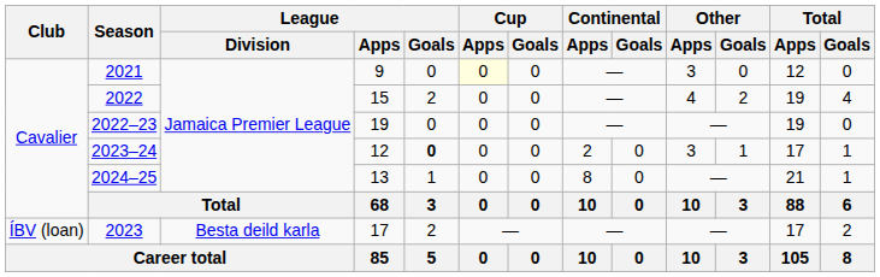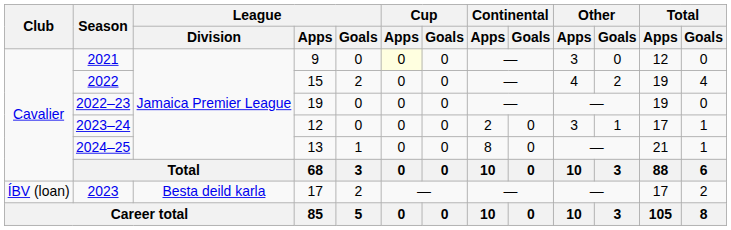 <table class="wikitable" style="text-align: center">
 <tr>
 <th rowspan="2">Club</th>
 <th rowspan="2">Season</th>
 <th colspan="3">League</th>
 <th colspan="2">Cup</th>
 <th colspan="2">Continental</th>
 <th colspan="2">Other</th>
 <th colspan="2">Total</th>
 </tr>
 <tr>
 <th>Division</th>
 <th>Apps</th>
 <th>Goals</th>
 <th>Apps</th>
 <th>Goals</th>
 <th>Apps</th>
 <th>Goals</th>
 <th>Apps</th>
 <th>Goals</th>
 <th>Apps</th>
 <th>Goals</th>
 </tr>
 <tr>
 <td rowspan="6"><a href='#'>Cavalier</a></td>
 <td><a href='#'>2021</a></td>
 <td rowspan="5"><a href='#'>Jamaica Premier League</a></td>
 <td>9</td>
 <td>0</td>
 <td style="background: lightyellow;">0</td>
 <td>0</td>
 <td colspan="2">—</td>
 <td>3</td>
 <td>0</td>
 <td>12</td>
 <td>0</td>
 </tr>
 <tr>
 <td><a href='#'>2022</a></td>
 <td>15</td>
 <td>2</td>
 <td>0</td>
 <td>0</td>
 <td colspan="2">—</td>
 <td>4</td>
 <td>2</td>
 <td>19</td>
 <td>4</td>
 </tr>
 <tr>
 <td><a href='#'>2022–23</a></td>
 <td>19</td>
 <td>0</td>
 <td>0</td>
 <td>0</td>
 <td colspan="2">—</td>
 <td colspan="2">—</td>
 <td>19</td>
 <td>0</td>
 </tr>
 <tr>
 <td><a href='#'>2023–24</a></td>
 <td>12</td>
-<td><strong>0</strong></td>
+<td>0</td>
 <td>0</td>
 <td>0</td>
 <td>2</td>
 <td>0</td>
 <td>3</td>
 <td>1</td>
 <td>17</td>
 <td>1</td>
 </tr>
 <tr>
 <td><a href='#'>2024–25</a></td>
 <td>13</td>
 <td>1</td>
 <td>0</td>
 <td>0</td>
 <td>8</td>
 <td>0</td>
 <td colspan="2">—</td>
 <td>21</td>
 <td>1</td>
 </tr>
 <tr>
 <th colspan="2">Total</th>
 <th>68</th>
 <th>3</th>
 <th>0</th>
 <th>0</th>
 <th>10</th>
 <th>0</th>
 <th>10</th>
 <th>3</th>
 <th>88</th>
 <th>6</th>
 </tr>
 <tr>
 <td><a href='#'>ÍBV</a> (loan)</td>
 <td><a href='#'>2023</a></td>
 <td><a href='#'>Besta deild karla</a></td>
 <td>17</td>
 <td>2</td>
 <td colspan="2">—</td>
 <td colspan="2">—</td>
 <td colspan="2">—</td>
 <td>17</td>
 <td>2</td>
 </tr>
 <tr>
 <th colspan="3">Career total</th>
 <th>85</th>
 <th>5</th>
 <th>0</th>
 <th>0</th>
 <th>10</th>
 <th>0</th>
 <th>10</th>
 <th>3</th>
 <th>105</th>
 <th>8</th>
 </tr>
 </table>
